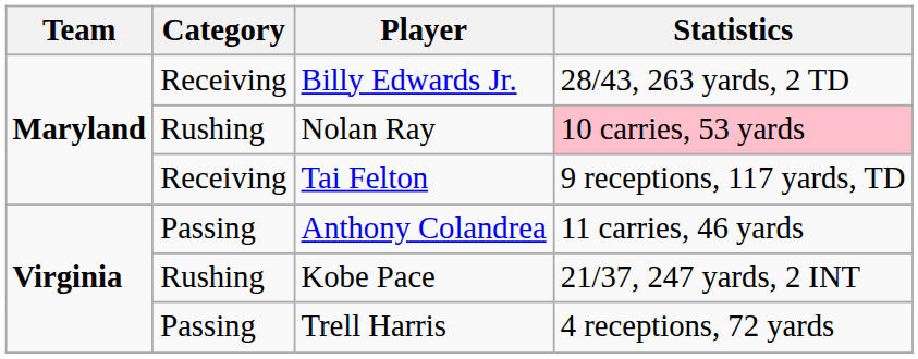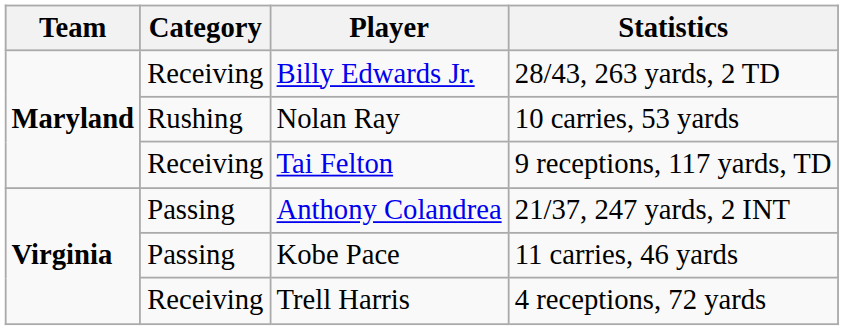 <table class="wikitable" style="float: right;">
 <tr>
 <th>Team</th>
 <th>Category</th>
 <th>Player</th>
 <th>Statistics</th>
 </tr>
 <tr>
 <td rowspan=3><strong>Maryland</strong></td>
 <td>Receiving</td>
 <td><a href='#'>Billy Edwards Jr.</a></td>
 <td>28/43, 263 yards, 2 TD</td>
 </tr>
 <tr>
 <td>Rushing</td>
 <td>Nolan Ray</td>
-<td style="background: pink;">10 carries, 53 yards</td>
+<td>10 carries, 53 yards</td>
 </tr>
 <tr>
 <td>Receiving</td>
 <td><a href='#'>Tai Felton</a></td>
 <td>9 receptions, 117 yards, TD</td>
 </tr>
 <tr>
 <td rowspan=3><strong>Virginia</strong></td>
 <td>Passing</td>
 <td><a href='#'>Anthony Colandrea</a></td>
-<td>11 carries, 46 yards</td>
-</tr>
-<tr>
-<td>Rushing</td>
-<td>Kobe Pace</td>
 <td>21/37, 247 yards, 2 INT</td>
 </tr>
 <tr>
 <td>Passing</td>
+<td>Kobe Pace</td>
+<td>11 carries, 46 yards</td>
+</tr>
+<tr>
+<td>Receiving</td>
 <td>Trell Harris</td>
 <td>4 receptions, 72 yards</td>
 </tr>
 </table>
